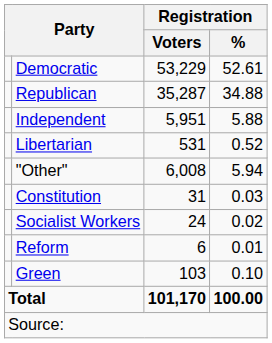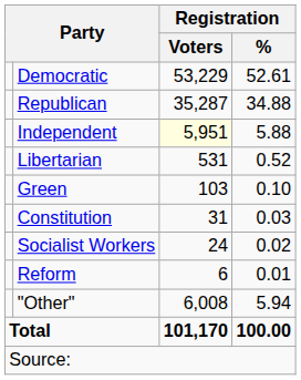 <table class="wikitable">
 <tr>
 <th colspan="2" rowspan="2">Party</th>
 <th colspan="2">Registration</th>
 </tr>
 <tr>
 <th>Voters</th>
 <th>%</th>
 </tr>
 <tr>
 <td style="background-color:"></td>
 <td><a href='#'>Democratic</a></td>
 <td style="text-align:right;">53,229</td>
 <td style="text-align:right;">52.61</td>
 </tr>
 <tr>
 <td style="background-color:"></td>
 <td><a href='#'>Republican</a></td>
 <td style="text-align:right;">35,287</td>
 <td style="text-align:right;">34.88</td>
 </tr>
 <tr>
 <td style="background-color:"></td>
 <td><a href='#'>Independent</a></td>
-<td style="text-align:right;">5,951</td>
+<td style="background: lightyellow; text-align:right;">5,951</td>
 <td style="text-align:right;">5.88</td>
 </tr>
 <tr>
 <td style="background-color:"></td>
 <td><a href='#'>Libertarian</a></td>
 <td style="text-align:right;">531</td>
 <td style="text-align:right;">0.52</td>
 </tr>
 <tr>
-<td></td>
-<td>"Other"</td>
-<td style="text-align:right;">6,008</td>
-<td style="text-align:right;">5.94</td>
+<td style="background-color:"></td>
+<td><a href='#'>Green</a></td>
+<td style="text-align:right;">103</td>
+<td style="text-align:right;">0.10</td>
 </tr>
 <tr>
 <td style="background-color:"></td>
 <td><a href='#'>Constitution</a></td>
 <td style="text-align:right;">31</td>
 <td style="text-align:right;">0.03</td>
 </tr>
 <tr>
 <td style="background-color:"></td>
 <td><a href='#'>Socialist Workers</a></td>
 <td style="text-align:right;">24</td>
 <td style="text-align:right;">0.02</td>
 </tr>
 <tr>
 <td style="background-color:"></td>
 <td><a href='#'>Reform</a></td>
 <td style="text-align:right;">6</td>
 <td style="text-align:right;">0.01</td>
 </tr>
 <tr>
-<td style="background-color:"></td>
-<td><a href='#'>Green</a></td>
-<td style="text-align:right;">103</td>
-<td style="text-align:right;">0.10</td>
+<td></td>
+<td>"Other"</td>
+<td style="text-align:right;">6,008</td>
+<td style="text-align:right;">5.94</td>
 </tr>
 <tr>
 <td colspan="2"><strong>Total</strong></td>
 <td style="text-align:right;"><strong>101,170</strong></td>
 <td style="text-align:right;"><strong>100.00</strong></td>
 </tr>
 <tr>
 <td colspan="4">Source: <em></em></td>
 </tr>
 </table>
